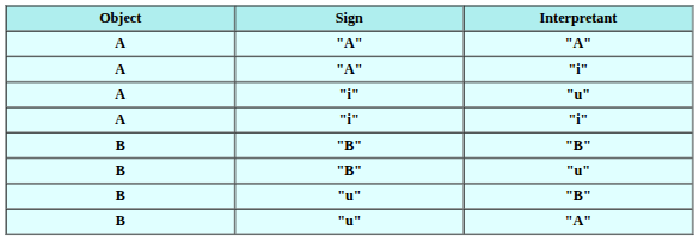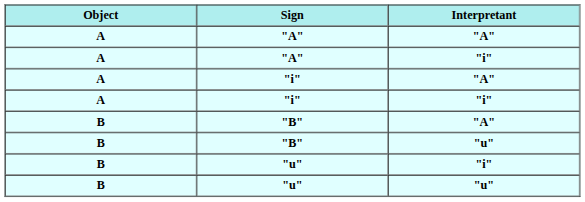 <table align="center" border="1" cellpadding="4" cellspacing="0" style="background:lightcyan; font-weight:bold; text-align:center; width:60%">
 <tr style="background:paleturquoise">
 <th style="width:20%">Object</th>
 <th style="width:20%">Sign</th>
 <th style="width:20%">Interpretant</th>
 </tr>
 <tr>
 <td><strong>A</strong></td>
 <td><strong>"A"</strong></td>
 <td><strong>"A"</strong></td>
 </tr>
 <tr>
 <td><strong>A</strong></td>
 <td><strong>"A"</strong></td>
 <td><strong>"i"</strong></td>
 </tr>
 <tr>
 <td><strong>A</strong></td>
 <td><strong>"i"</strong></td>
-<td><strong>"u"</strong></td>
+<td><strong>"A"</strong></td>
 </tr>
 <tr>
 <td><strong>A</strong></td>
 <td><strong>"i"</strong></td>
 <td><strong>"i"</strong></td>
 </tr>
 <tr>
 <td><strong>B</strong></td>
 <td><strong>"B"</strong></td>
-<td><strong>"B"</strong></td>
+<td><strong>"A"</strong></td>
 </tr>
 <tr>
 <td><strong>B</strong></td>
 <td><strong>"B"</strong></td>
 <td><strong>"u"</strong></td>
 </tr>
 <tr>
 <td><strong>B</strong></td>
 <td><strong>"u"</strong></td>
-<td><strong>"B"</strong></td>
+<td><strong>"i"</strong></td>
 </tr>
 <tr>
 <td><strong>B</strong></td>
 <td><strong>"u"</strong></td>
-<td><strong>"A"</strong></td>
+<td><strong>"u"</strong></td>
 </tr>
 </table>
